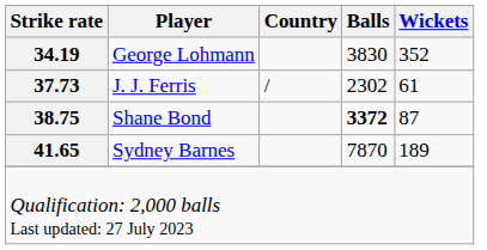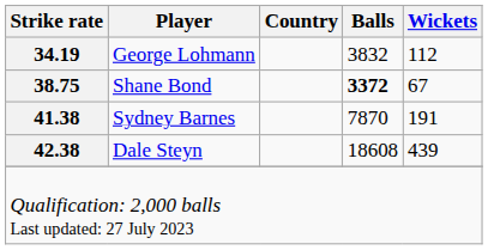 <table class="wikitable sortable">
 <tr>
 <th align="center">Strike rate</th>
 <th align="center">Player</th>
 <th align="center">Country</th>
 <th align="center">Balls</th>
 <th align="center"><a href='#'>Wickets</a></th>
 </tr>
 <tr>
 <th>34.19</th>
 <td><a href='#'>George Lohmann </a></td>
 <td></td>
-<td>3830</td>
-<td>352</td>
-</tr>
-<tr>
-<th>37.73</th>
-<td><a href='#'>J. J. Ferris</a></td>
-<td> / </td>
-<td>2302</td>
-<td>61</td>
+<td>3832</td>
+<td>112</td>
 </tr>
 <tr>
 <th>38.75</th>
 <td><a href='#'>Shane Bond</a></td>
 <td></td>
 <td><strong>3372</strong></td>
-<td>87</td>
+<td>67</td>
 </tr>
 <tr>
-<th>41.65</th>
+<th>41.38</th>
 <td><a href='#'>Sydney Barnes</a></td>
 <td></td>
 <td>7870</td>
-<td>189</td>
+<td>191</td>
+</tr>
+<tr>
+<th>42.38</th>
+<td><a href='#'>Dale Steyn</a></td>
+<td></td>
+<td>18608</td>
+<td>439</td>
 </tr>
 <tr>
 </tr>
 <tr class="sortbottom">
 <td colspan=5><br><em>Qualification: 2,000 balls</em><br> <small>Last updated: 27 July 2023</small></td>
 </tr>
 </table>
